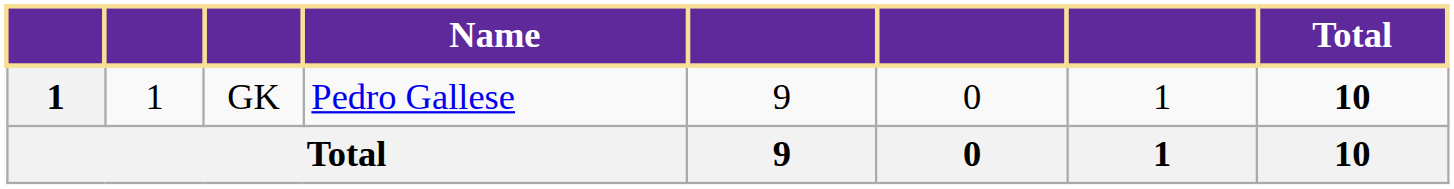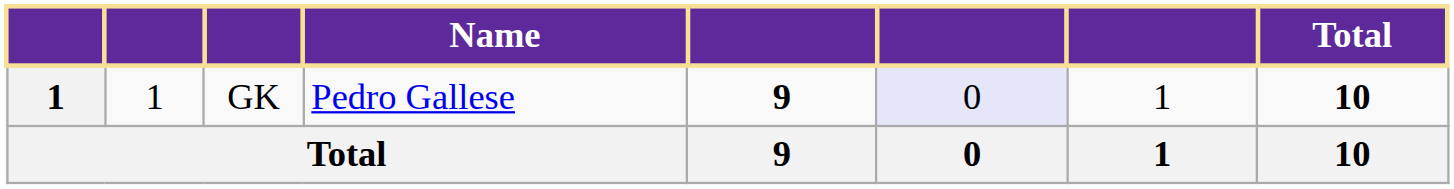 <table class="wikitable" style="text-align:center;">
 <tr>
 <th style="background:#5E299A; color:white; border:2px solid #F8E196; width:35px;" scope="col"></th>
 <th style="background:#5E299A; color:white; border:2px solid #F8E196; width:35px;" scope="col"></th>
 <th style="background:#5E299A; color:white; border:2px solid #F8E196; width:35px;" scope="col"></th>
 <th style="background:#5E299A; color:white; border:2px solid #F8E196; width:160px;" scope="col">Name</th>
 <th style="background:#5E299A; color:white; border:2px solid #F8E196; width:75px;" scope="col"></th>
 <th style="background:#5E299A; color:white; border:2px solid #F8E196; width:75px;" scope="col"></th>
 <th style="background:#5E299A; color:white; border:2px solid #F8E196; width:75px;" scope="col"></th>
 <th style="background:#5E299A; color:white; border:2px solid #F8E196; width:75px;" scope="col">Total</th>
 </tr>
 <tr>
 <th>1</th>
 <td>1</td>
 <td>GK</td>
 <td align="left"> <a href='#'>Pedro Gallese</a></td>
-<td>9</td>
-<td>0</td>
+<td><strong>9</strong></td>
+<td style="background: lavender;">0</td>
 <td>1</td>
 <td><strong>10</strong></td>
 </tr>
 <tr>
 <th colspan="4">Total</th>
 <th>9</th>
 <th>0</th>
 <th>1</th>
 <th>10</th>
 </tr>
 </table>
